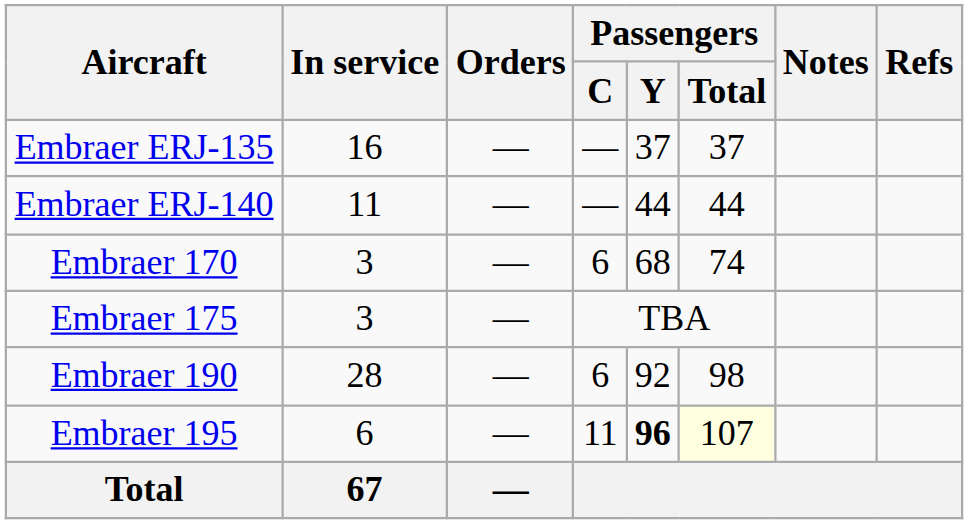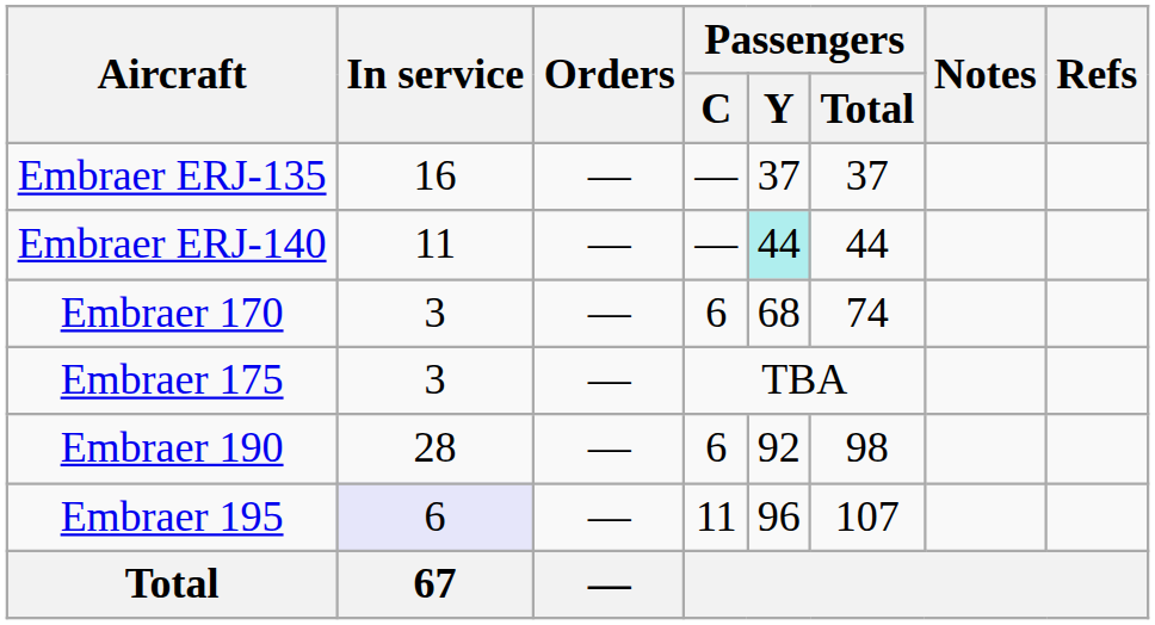 <table class="wikitable" style="border-collapse:collapse;text-align:center; margin: 1em auto;">
 <tr>
 <th rowspan="2">Aircraft</th>
 <th rowspan="2">In service</th>
 <th rowspan="2">Orders</th>
 <th colspan="3">Passengers</th>
 <th rowspan="2">Notes</th>
 <th rowspan="2">Refs</th>
 </tr>
 <tr>
 <th><abbr>C</abbr></th>
 <th><abbr>Y</abbr></th>
 <th>Total</th>
 </tr>
 <tr>
 <td><a href='#'>Embraer ERJ-135</a></td>
 <td>16</td>
 <td>—</td>
 <td>—</td>
 <td>37</td>
 <td>37</td>
 <td></td>
 <td></td>
 </tr>
 <tr>
 <td><a href='#'>Embraer ERJ-140</a></td>
 <td>11</td>
 <td>—</td>
 <td>—</td>
-<td>44</td>
+<td style="background: paleturquoise;">44</td>
 <td>44</td>
 <td></td>
 <td></td>
 </tr>
 <tr>
 <td><a href='#'>Embraer 170</a></td>
 <td>3</td>
 <td>—</td>
 <td>6</td>
 <td>68</td>
 <td>74</td>
 <td></td>
 <td></td>
 </tr>
 <tr>
 <td><a href='#'>Embraer 175</a></td>
 <td>3</td>
 <td>—</td>
 <td colspan="3">TBA</td>
 <td></td>
 <td></td>
 </tr>
 <tr>
 <td><a href='#'>Embraer 190</a></td>
 <td>28</td>
 <td>—</td>
 <td>6</td>
 <td>92</td>
 <td>98</td>
 <td></td>
 <td></td>
 </tr>
 <tr>
 <td><a href='#'>Embraer 195</a></td>
-<td>6</td>
+<td style="background: lavender;">6</td>
 <td>—</td>
 <td>11</td>
-<td><strong>96</strong></td>
-<td style="background: lightyellow;">107</td>
+<td>96</td>
+<td>107</td>
 <td></td>
 <td></td>
 </tr>
 <tr>
 <th>Total</th>
 <th>67</th>
 <th>—</th>
 <th colspan="5"></th>
 </tr>
 </table>
